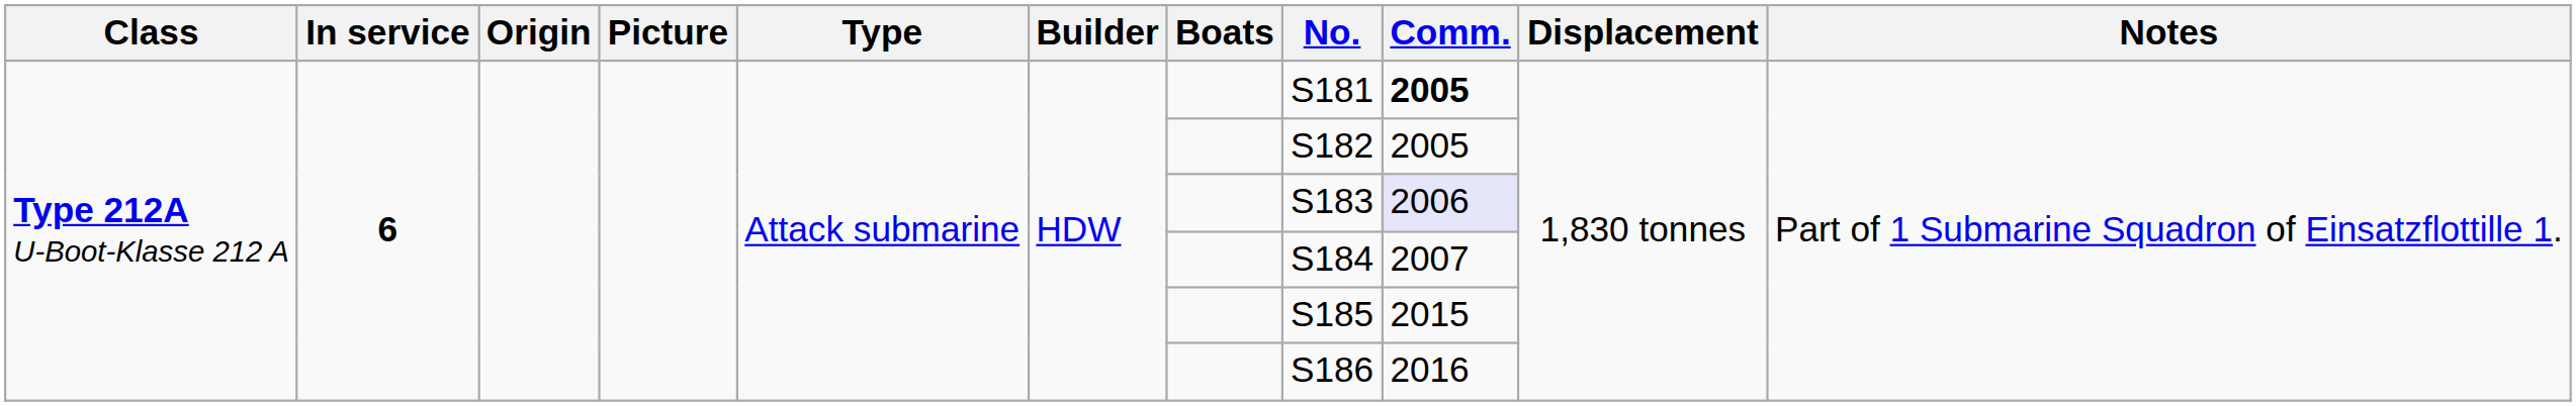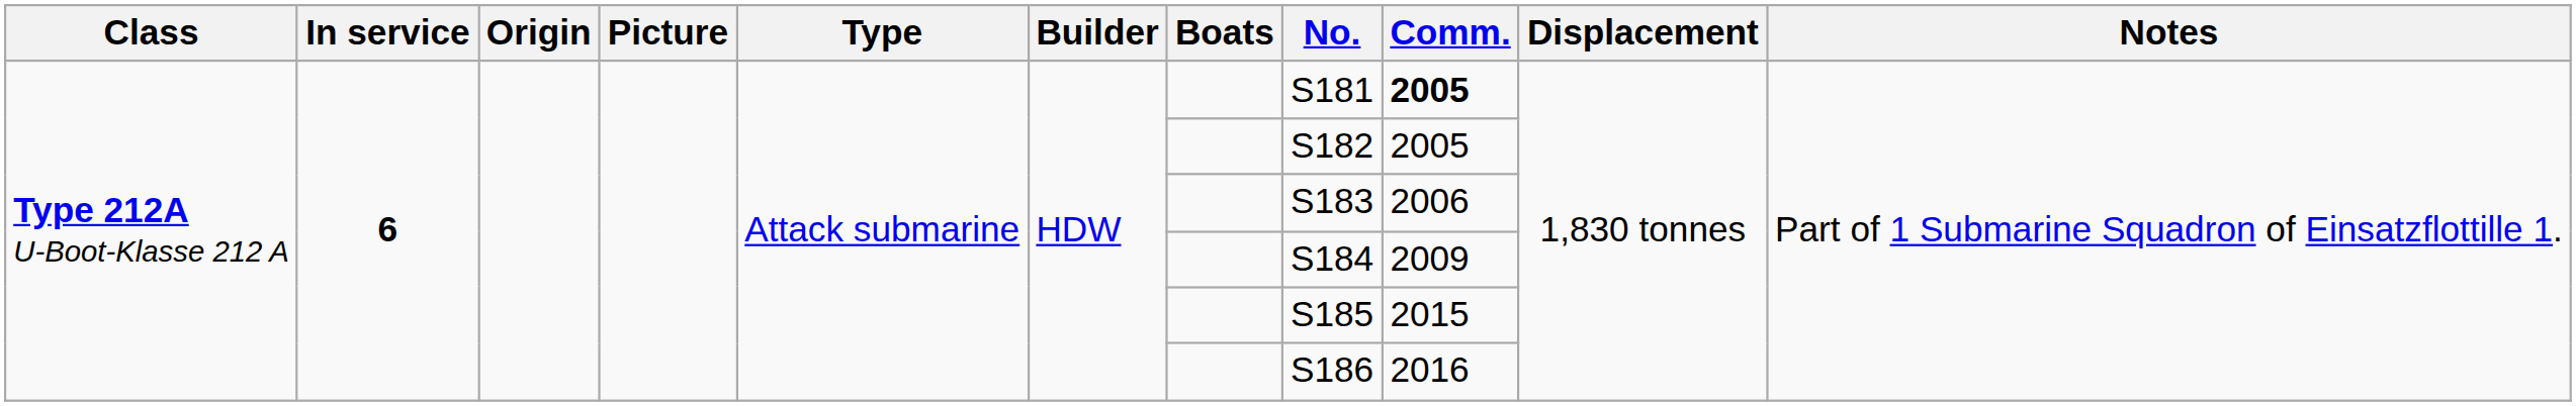 <table class="wikitable">
 <tr>
 <th>Class</th>
 <th style="text-align:center">In service</th>
 <th style="text-align:center">Origin</th>
 <th style="text-align:center">Picture</th>
 <th style="text-align:center">Type</th>
 <th>Builder</th>
 <th style="text-align:center">Boats</th>
 <th style="text-align:center"><a href='#'>No.</a></th>
 <th style="text-align:center"><a href='#'>Comm.</a></th>
 <th style="text-align:center">Displacement</th>
 <th>Notes</th>
 </tr>
 <tr>
 <td rowspan="6"><a href='#'><strong>Type 212A</strong></a><br><small><em>U-Boot-Klasse 212 A</em></small></td>
 <td rowspan="6" style="text-align: center"><strong>6</strong></td>
 <td rowspan="6"></td>
 <td rowspan="6"></td>
 <td rowspan="6"><a href='#'>Attack submarine</a></td>
 <td rowspan="6"><a href='#'>HDW</a></td>
 <td></td>
 <td>S181</td>
 <td><strong>2005</strong></td>
 <td rowspan="6" align="center">1,830 tonnes</td>
 <td rowspan="6">Part of <a href='#'>1 Submarine Squadron</a> of <a href='#'>Einsatzflottille 1</a>.</td>
 </tr>
 <tr>
 <td></td>
 <td>S182</td>
 <td>2005</td>
 </tr>
 <tr>
 <td></td>
 <td>S183</td>
-<td style="background: lavender;">2006</td>
+<td>2006</td>
 </tr>
 <tr>
 <td></td>
 <td>S184</td>
-<td>2007</td>
+<td>2009</td>
 </tr>
 <tr>
 <td></td>
 <td>S185</td>
 <td>2015</td>
 </tr>
 <tr>
 <td></td>
 <td>S186</td>
 <td>2016</td>
 </tr>
 </table>
